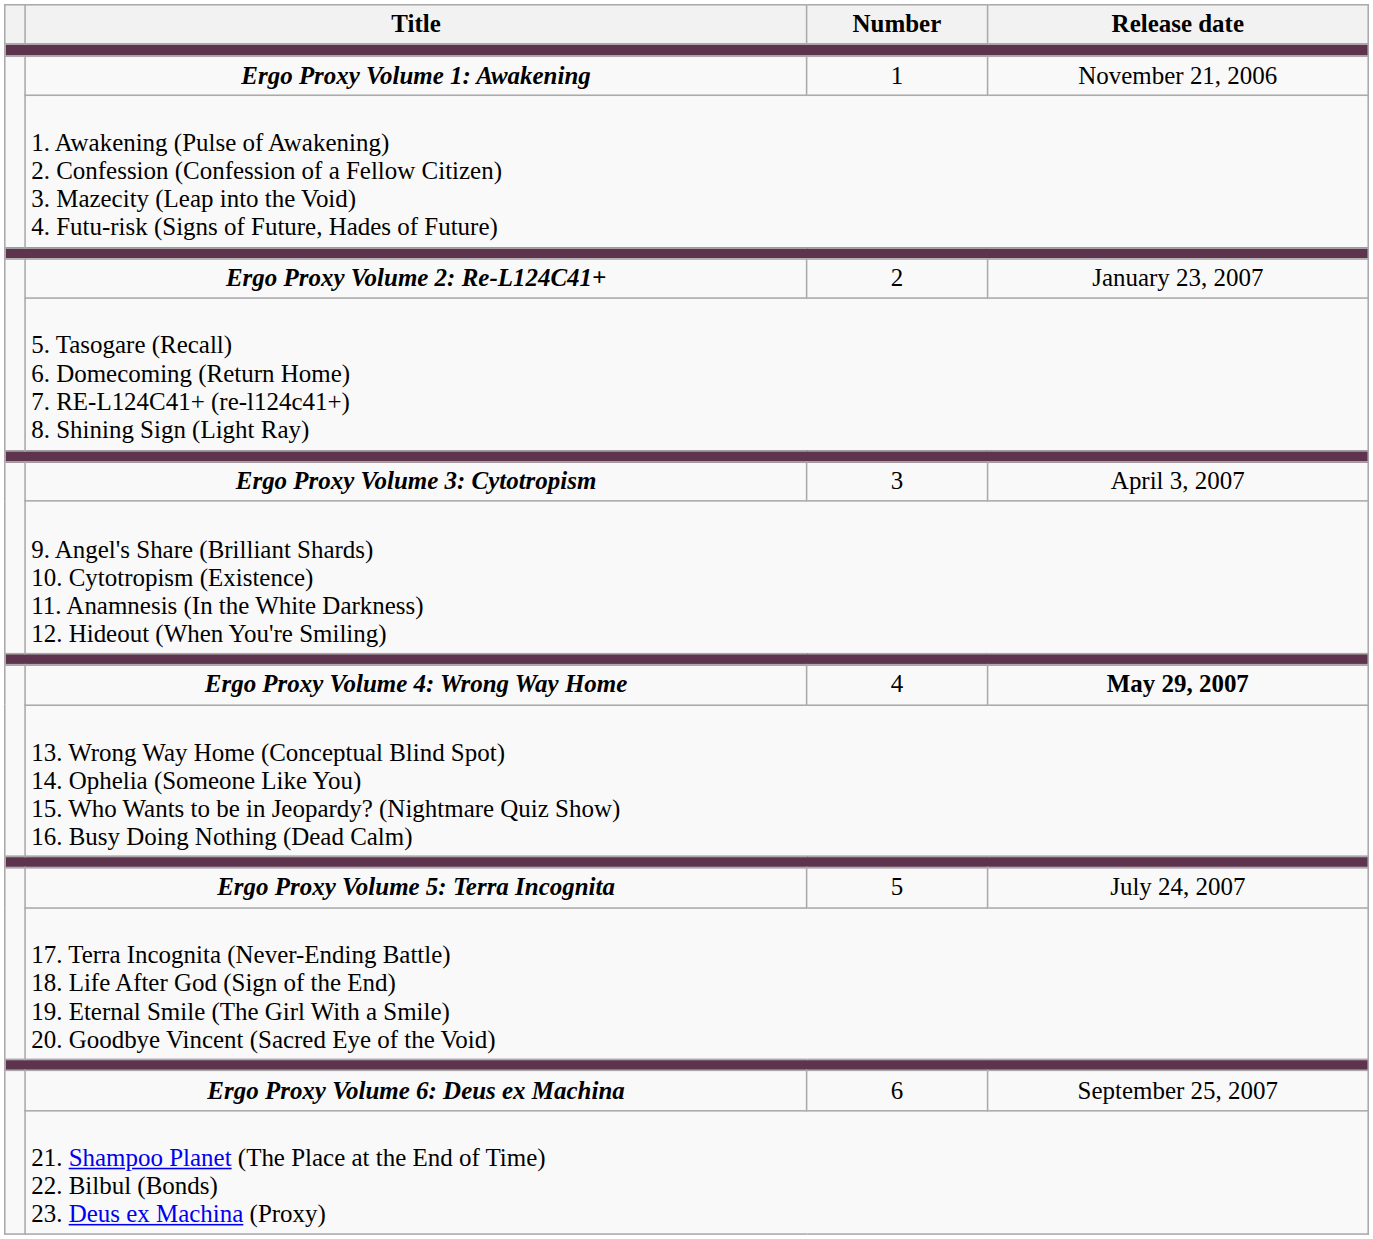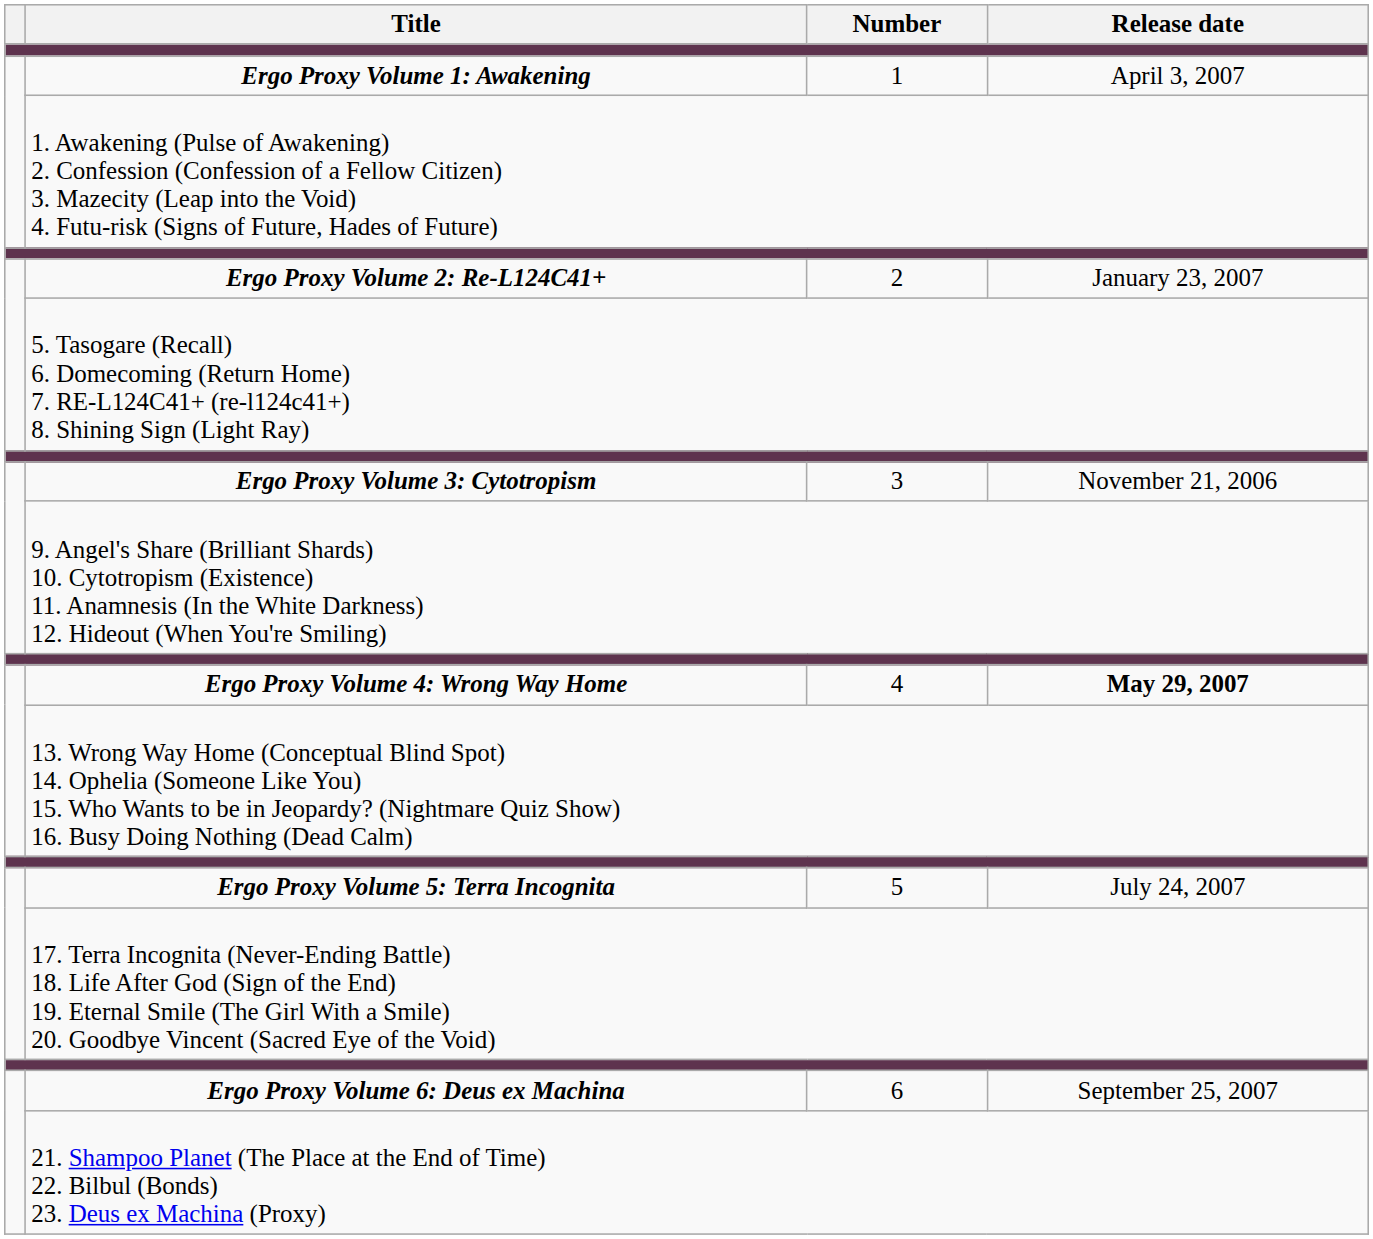 <table class="wikitable" style="width:99%;">
 <tr style="text-align: center;">
 <th></th>
 <th>Title</th>
 <th>Number</th>
 <th>Release date</th>
 </tr>
 <tr>
 <td colspan="4" style="background:#5e334e;"></td>
 </tr>
 <tr style="text-align: center;">
 <td rowspan="2"></td>
 <td><strong><em>Ergo Proxy Volume 1: Awakening</em></strong></td>
 <td>1</td>
-<td>November 21, 2006</td>
+<td>April 3, 2007</td>
 </tr>
 <tr>
 <td colspan="3"><br>1. Awakening (Pulse of Awakening)<br> 2. Confession (Confession of a Fellow Citizen)<br> 3. Mazecity (Leap into the Void)<br> 4. Futu-risk (Signs of Future, Hades of Future)</td>
 </tr>
 <tr>
 <td colspan="4" style="background:#5e334e;"></td>
 </tr>
 <tr style="text-align: center;">
 <td rowspan="2"></td>
 <td><strong><em>Ergo Proxy Volume 2: Re-L124C41+</em></strong></td>
 <td>2</td>
 <td>January 23, 2007</td>
 </tr>
 <tr>
 <td colspan="3"><br>5. Tasogare (Recall)<br> 6. Domecoming (Return Home)<br> 7. RE-L124C41+ (re-l124c41+)<br> 8. Shining Sign (Light Ray)</td>
 </tr>
 <tr>
 <td colspan="4" style="background:#5e334e;"></td>
 </tr>
 <tr style="text-align: center;">
 <td rowspan="2"></td>
 <td><strong><em>Ergo Proxy Volume 3: Cytotropism</em></strong></td>
 <td>3</td>
-<td>April 3, 2007</td>
+<td>November 21, 2006</td>
 </tr>
 <tr>
 <td colspan="3"><br>9. Angel's Share (Brilliant Shards)<br> 10. Cytotropism (Existence)<br> 11. Anamnesis (In the White Darkness)<br> 12. Hideout (When You're Smiling)</td>
 </tr>
 <tr>
 <td colspan="4" style="background:#5e334e;"></td>
 </tr>
 <tr style="text-align: center;">
 <td rowspan="2"></td>
 <td><strong><em>Ergo Proxy Volume 4: Wrong Way Home</em></strong></td>
 <td>4</td>
 <td><strong>May 29, 2007</strong></td>
 </tr>
 <tr>
 <td colspan="3"><br>13. Wrong Way Home (Conceptual Blind Spot)<br> 14. Ophelia (Someone Like You)<br> 15. Who Wants to be in Jeopardy? (Nightmare Quiz Show)<br> 16. Busy Doing Nothing (Dead Calm)</td>
 </tr>
 <tr>
 <td colspan="4" style="background:#5e334e;"></td>
 </tr>
 <tr style="text-align: center;">
 <td rowspan="2"></td>
 <td><strong><em>Ergo Proxy Volume 5: Terra Incognita</em></strong></td>
 <td>5</td>
 <td>July 24, 2007</td>
 </tr>
 <tr>
 <td colspan="3"><br>17. Terra Incognita (Never-Ending Battle)<br> 18. Life After God (Sign of the End)<br> 19. Eternal Smile (The Girl With a Smile)<br> 20. Goodbye Vincent (Sacred Eye of the Void)</td>
 </tr>
 <tr>
 <td colspan="4" style="background:#5e334e;"></td>
 </tr>
 <tr style="text-align: center;">
 <td rowspan="2"></td>
 <td><strong><em>Ergo Proxy Volume 6: Deus ex Machina</em></strong></td>
 <td>6</td>
 <td>September 25, 2007</td>
 </tr>
 <tr>
 <td colspan="3"><br>21. <a href='#'>Shampoo Planet</a> (The Place at the End of Time)<br> 22. Bilbul (Bonds)<br> 23. <a href='#'>Deus ex Machina</a> (Proxy)</td>
 </tr>
 </table>
